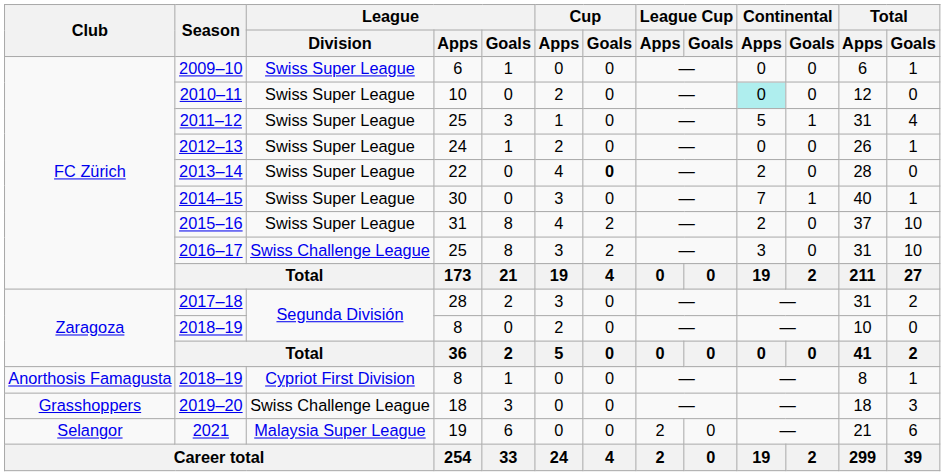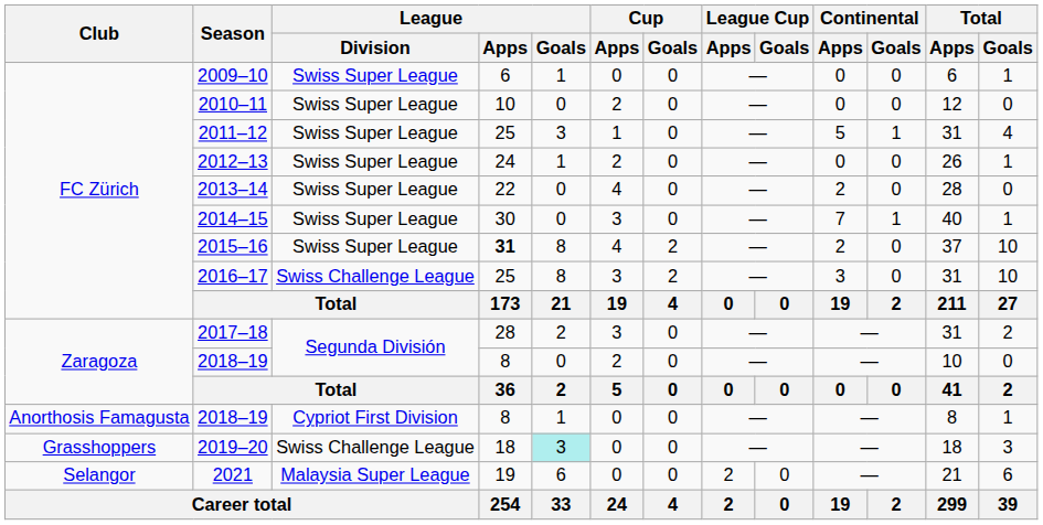 <table class="wikitable" style="text-align: center">
 <tr>
 <th rowspan="2">Club</th>
 <th rowspan="2">Season</th>
 <th colspan="3">League</th>
 <th colspan="2">Cup</th>
 <th colspan="2">League Cup</th>
 <th colspan="2">Continental</th>
 <th colspan="2">Total</th>
 </tr>
 <tr>
 <th>Division</th>
 <th>Apps</th>
 <th>Goals</th>
 <th>Apps</th>
 <th>Goals</th>
 <th>Apps</th>
 <th>Goals</th>
 <th>Apps</th>
 <th>Goals</th>
 <th>Apps</th>
 <th>Goals</th>
 </tr>
 <tr>
 <td rowspan="9"><a href='#'>FC Zürich</a></td>
 <td><a href='#'>2009–10</a></td>
 <td><a href='#'>Swiss Super League</a></td>
 <td>6</td>
 <td>1</td>
 <td>0</td>
 <td>0</td>
 <td colspan="2">—</td>
 <td>0</td>
 <td>0</td>
 <td>6</td>
 <td>1</td>
 </tr>
 <tr>
 <td><a href='#'>2010–11</a></td>
 <td>Swiss Super League</td>
 <td>10</td>
 <td>0</td>
 <td>2</td>
 <td>0</td>
 <td colspan="2">—</td>
-<td style="background: paleturquoise;">0</td>
+<td>0</td>
 <td>0</td>
 <td>12</td>
 <td>0</td>
 </tr>
 <tr>
 <td><a href='#'>2011–12</a></td>
 <td>Swiss Super League</td>
 <td>25</td>
 <td>3</td>
 <td>1</td>
 <td>0</td>
 <td colspan="2">—</td>
 <td>5</td>
 <td>1</td>
 <td>31</td>
 <td>4</td>
 </tr>
 <tr>
 <td><a href='#'>2012–13</a></td>
 <td>Swiss Super League</td>
 <td>24</td>
 <td>1</td>
 <td>2</td>
 <td>0</td>
 <td colspan="2">—</td>
 <td>0</td>
 <td>0</td>
 <td>26</td>
 <td>1</td>
 </tr>
 <tr>
 <td><a href='#'>2013–14</a></td>
 <td>Swiss Super League</td>
 <td>22</td>
 <td>0</td>
 <td>4</td>
-<td><strong>0</strong></td>
+<td>0</td>
 <td colspan="2">—</td>
 <td>2</td>
 <td>0</td>
 <td>28</td>
 <td>0</td>
 </tr>
 <tr>
 <td><a href='#'>2014–15</a></td>
 <td>Swiss Super League</td>
 <td>30</td>
 <td>0</td>
 <td>3</td>
 <td>0</td>
 <td colspan="2">—</td>
 <td>7</td>
 <td>1</td>
 <td>40</td>
 <td>1</td>
 </tr>
 <tr>
 <td><a href='#'>2015–16</a></td>
 <td>Swiss Super League</td>
-<td>31</td>
+<td><strong>31</strong></td>
 <td>8</td>
 <td>4</td>
 <td>2</td>
 <td colspan="2">—</td>
 <td>2</td>
 <td>0</td>
 <td>37</td>
 <td>10</td>
 </tr>
 <tr>
 <td><a href='#'>2016–17</a></td>
 <td><a href='#'>Swiss Challenge League</a></td>
 <td>25</td>
 <td>8</td>
 <td>3</td>
 <td>2</td>
 <td colspan="2">—</td>
 <td>3</td>
 <td>0</td>
 <td>31</td>
 <td>10</td>
 </tr>
 <tr>
 <th colspan="2">Total</th>
 <th>173</th>
 <th>21</th>
 <th>19</th>
 <th>4</th>
 <th>0</th>
 <th>0</th>
 <th>19</th>
 <th>2</th>
 <th>211</th>
 <th>27</th>
 </tr>
 <tr>
 <td rowspan="3"><a href='#'>Zaragoza</a></td>
 <td><a href='#'>2017–18</a></td>
 <td rowspan="2"><a href='#'>Segunda División</a></td>
 <td>28</td>
 <td>2</td>
 <td>3</td>
 <td>0</td>
 <td colspan="2">—</td>
 <td colspan="2">—</td>
 <td>31</td>
 <td>2</td>
 </tr>
 <tr>
 <td><a href='#'>2018–19</a></td>
 <td>8</td>
 <td>0</td>
 <td>2</td>
 <td>0</td>
 <td colspan="2">—</td>
 <td colspan="2">—</td>
 <td>10</td>
 <td>0</td>
 </tr>
 <tr>
 <th colspan="2">Total</th>
 <th>36</th>
 <th>2</th>
 <th>5</th>
 <th>0</th>
 <th>0</th>
 <th>0</th>
 <th>0</th>
 <th>0</th>
 <th>41</th>
 <th>2</th>
 </tr>
 <tr>
 <td><a href='#'>Anorthosis Famagusta</a></td>
 <td><a href='#'>2018–19</a></td>
 <td><a href='#'>Cypriot First Division</a></td>
 <td>8</td>
 <td>1</td>
 <td>0</td>
 <td>0</td>
 <td colspan="2">—</td>
 <td colspan="2">—</td>
 <td>8</td>
 <td>1</td>
 </tr>
 <tr>
 <td><a href='#'>Grasshoppers</a></td>
 <td><a href='#'>2019–20</a></td>
 <td>Swiss Challenge League</td>
 <td>18</td>
-<td>3</td>
+<td style="background: paleturquoise;">3</td>
 <td>0</td>
 <td>0</td>
 <td colspan="2">—</td>
 <td colspan="2">—</td>
 <td>18</td>
 <td>3</td>
 </tr>
 <tr>
 <td><a href='#'>Selangor</a></td>
 <td><a href='#'>2021</a></td>
 <td><a href='#'>Malaysia Super League</a></td>
 <td>19</td>
 <td>6</td>
 <td>0</td>
 <td>0</td>
 <td>2</td>
 <td>0</td>
 <td colspan="2">—</td>
 <td>21</td>
 <td>6</td>
 </tr>
 <tr>
 <th colspan="3">Career total</th>
 <th>254</th>
 <th>33</th>
 <th>24</th>
 <th>4</th>
 <th>2</th>
 <th>0</th>
 <th>19</th>
 <th>2</th>
 <th>299</th>
 <th>39</th>
 </tr>
 </table>
